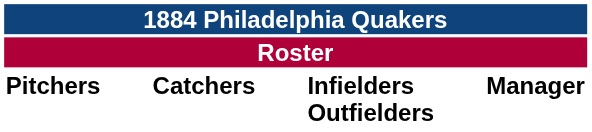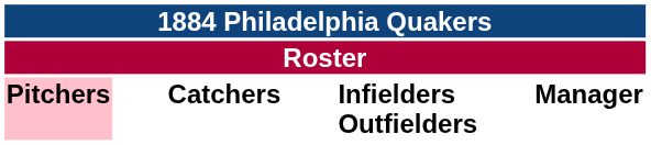 <table class="toccolours" style="font-size: 95%;">
 <tr>
 <th colspan="10" style="background-color: #0f437c; color: white; text-align: center;">1884 Philadelphia Quakers</th>
 </tr>
 <tr>
 <td colspan="10" style="background-color:#af0039; color: white; text-align: center;"><strong>Roster</strong></td>
 </tr>
 <tr>
-<td valign="top"><strong>Pitchers</strong><br>       </td>
+<td valign="top" style="background: pink;"><strong>Pitchers</strong><br>       </td>
 <td width="25px"></td>
 <td valign="top"><strong>Catchers</strong><br>            </td>
 <td width="25px"></td>
 <td valign="top"><strong>Infielders</strong><br>    <strong>Outfielders</strong>      </td>
 <td width="25px"></td>
 <td valign="top"><strong>Manager</strong><br></td>
 </tr>
 </table>
